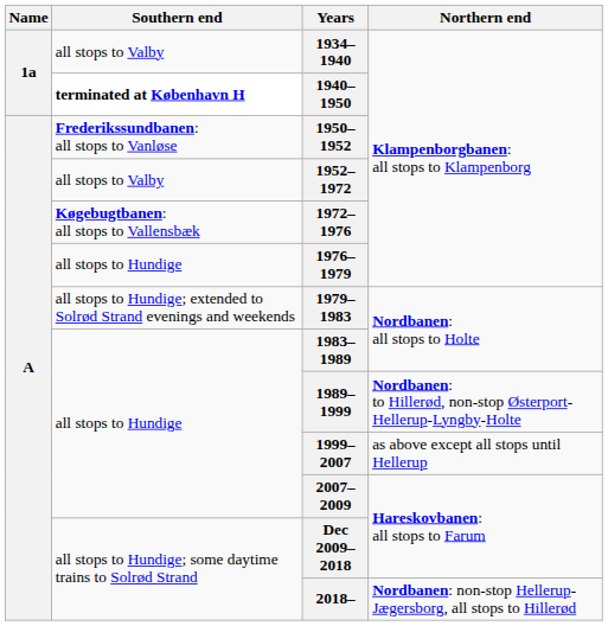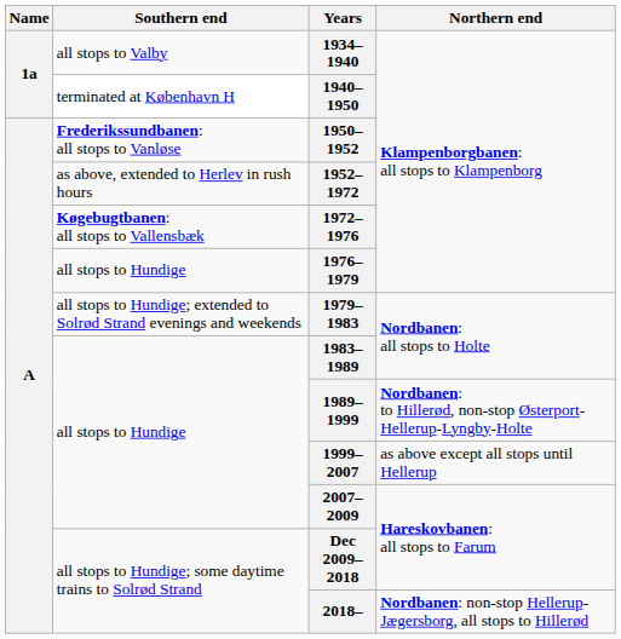 <table class=wikitable>
 <tr>
 <th>Name</th>
 <th>Southern end</th>
 <th>Years</th>
 <th>Northern end</th>
 </tr>
 <tr>
 <th rowspan=2>1a</th>
 <td>all stops to <a href='#'>Valby</a></td>
 <th>1934–1940</th>
 <td rowspan=6><strong><a href='#'>Klampenborgbanen</a></strong>:<br>all stops to <a href='#'>Klampenborg</a></td>
 </tr>
 <tr>
-<td style="background:white; foreground:darkgray"><strong>terminated at <a href='#'>København H</a></strong></td>
+<td style="background:white; foreground:darkgray">terminated at <a href='#'>København H</a></td>
 <th>1940–1950</th>
 </tr>
 <tr>
 <th rowspan=11>A</th>
 <td><strong><a href='#'>Frederikssundbanen</a></strong>:<br>all stops to <a href='#'>Vanløse</a></td>
 <th>1950–1952</th>
 </tr>
 <tr>
-<td>all stops to <a href='#'>Valby</a></td>
+<td>as above, extended to <a href='#'>Herlev</a> in rush hours</td>
 <th>1952–1972</th>
 </tr>
 <tr>
 <td><strong><a href='#'>Køgebugtbanen</a></strong>:<br>all stops to <a href='#'>Vallensbæk</a></td>
 <th>1972–1976</th>
 </tr>
 <tr>
 <td>all stops to <a href='#'>Hundige</a></td>
 <th>1976–1979</th>
 </tr>
 <tr>
 <td>all stops to <a href='#'>Hundige</a>; extended to <a href='#'>Solrød Strand</a> evenings and weekends</td>
 <th>1979–1983</th>
 <td rowspan=2><strong><a href='#'>Nordbanen</a></strong>:<br>all stops to <a href='#'>Holte</a></td>
 </tr>
 <tr>
 <td rowspan=4>all stops to <a href='#'>Hundige</a></td>
 <th>1983–1989</th>
 </tr>
 <tr>
 <th>1989–1999</th>
 <td><strong><a href='#'>Nordbanen</a></strong>:<br>to <a href='#'>Hillerød</a>, non-stop <a href='#'>Østerport</a>-<a href='#'>Hellerup</a>-<a href='#'>Lyngby</a>-<a href='#'>Holte</a></td>
 </tr>
 <tr>
 <th>1999–2007</th>
 <td>as above except all stops until <a href='#'>Hellerup</a></td>
 </tr>
 <tr>
 <th>2007–2009</th>
 <td rowspan=2><strong><a href='#'>Hareskovbanen</a></strong>:<br>all stops to <a href='#'>Farum</a></td>
 </tr>
 <tr>
 <td rowspan=2>all stops to <a href='#'>Hundige</a>; some daytime trains to <a href='#'>Solrød Strand</a></td>
 <th>Dec 2009–2018</th>
 </tr>
 <tr>
 <th>2018–</th>
 <td><strong><a href='#'>Nordbanen</a></strong>: non-stop <a href='#'>Hellerup</a>-<a href='#'>Jægersborg</a>, all stops to <a href='#'>Hillerød</a></td>
 </tr>
 </table>
